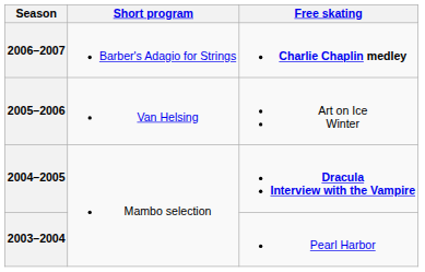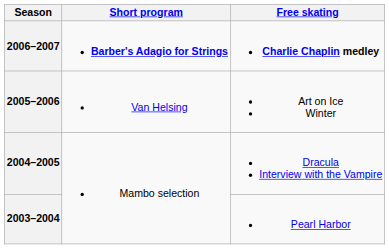 <table class=wikitable style=text-align:center>
 <tr>
 <th>Season</th>
 <th><a href='#'>Short program</a></th>
 <th><a href='#'>Free skating</a></th>
 </tr>
 <tr>
 <th>2006–2007 <br> </th>
-<td><br><ul><li><a href='#'>Barber's Adagio for Strings</a> <br></li></ul></td>
+<td><strong><br><ul><li><a href='#'>Barber's Adagio for Strings</a> <br></li></ul></strong></td>
 <td><strong><br><ul><li><a href='#'>Charlie Chaplin</a> medley</li></ul></strong></td>
 </tr>
 <tr>
 <th>2005–2006 <br> </th>
 <td><br><ul><li><a href='#'>Van Helsing</a> <br></li></ul></td>
 <td><br><ul><li>Art on Ice <br></li><li>Winter <br></li></ul></td>
 </tr>
 <tr>
 <th>2004–2005 <br> </th>
 <td rowspan=2><br><ul><li>Mambo selection <br></li></ul></td>
-<td><strong><br><ul><li><a href='#'>Dracula</a> <br></li><li><a href='#'>Interview with the Vampire</a> <br></li></ul></strong></td>
+<td><br><ul><li><a href='#'>Dracula</a> <br></li><li><a href='#'>Interview with the Vampire</a> <br></li></ul></td>
 </tr>
 <tr>
 <th>2003–2004 <br> </th>
 <td><br><ul><li><a href='#'>Pearl Harbor</a> <br></li></ul></td>
 </tr>
 </table>
